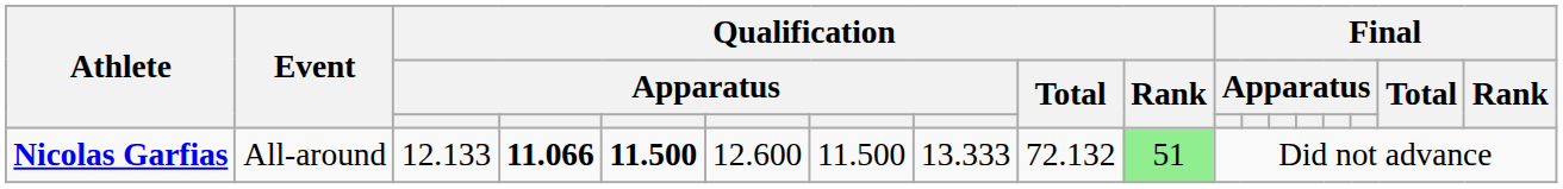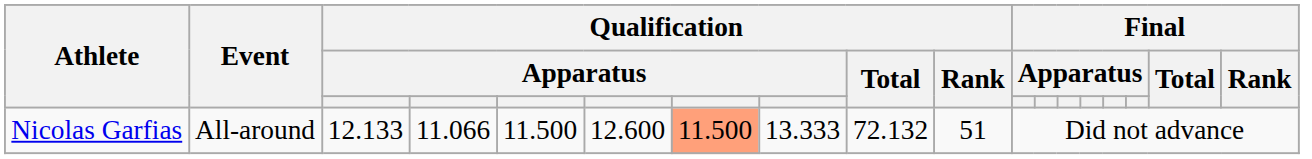 <table class="wikitable" style="font-size:90%; text-align:center">
 <tr>
 <th rowspan="3">Athlete</th>
 <th rowspan="3">Event</th>
 <th colspan="8">Qualification</th>
 <th colspan="8">Final</th>
 </tr>
 <tr>
 <th colspan="6">Apparatus</th>
 <th rowspan="2">Total</th>
 <th rowspan="2">Rank</th>
 <th colspan="6">Apparatus</th>
 <th rowspan="2">Total</th>
 <th rowspan="2">Rank</th>
 </tr>
 <tr>
 <th></th>
 <th></th>
 <th></th>
 <th></th>
 <th></th>
 <th></th>
 <th></th>
 <th></th>
 <th></th>
 <th></th>
 <th></th>
 <th></th>
 </tr>
 <tr>
-<td align="left"><strong><a href='#'>Nicolas Garfias</a></strong></td>
+<td align="left"><a href='#'>Nicolas Garfias</a></td>
 <td align="left">All-around</td>
 <td>12.133</td>
-<td><strong>11.066</strong></td>
-<td><strong>11.500</strong></td>
+<td>11.066</td>
+<td>11.500</td>
 <td>12.600</td>
-<td>11.500</td>
+<td style="background: lightsalmon;">11.500</td>
 <td>13.333</td>
 <td>72.132</td>
-<td style="background: lightgreen;">51</td>
+<td>51</td>
 <td colspan="8">Did not advance</td>
 </tr>
 </table>
